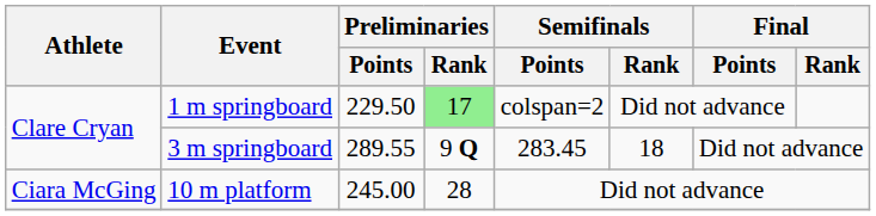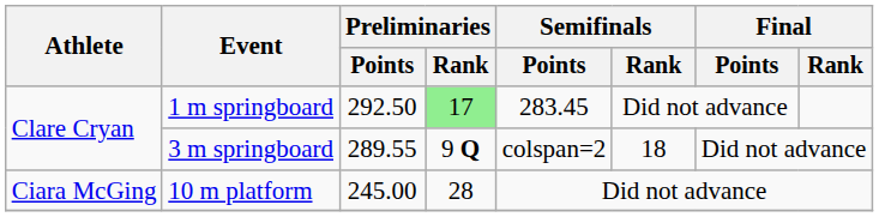 <table class="wikitable" style="text-align:center; font-size:90%;">
 <tr>
 <th rowspan=2>Athlete</th>
 <th rowspan=2>Event</th>
 <th colspan=2>Preliminaries</th>
 <th colspan=2>Semifinals</th>
 <th colspan=2>Final</th>
 </tr>
 <tr style="font-size:95%">
 <th>Points</th>
 <th>Rank</th>
 <th>Points</th>
 <th>Rank</th>
 <th>Points</th>
 <th>Rank</th>
 </tr>
 <tr>
 <td align=left rowspan=2><a href='#'>Clare Cryan</a></td>
 <td align=left><a href='#'>1 m springboard</a></td>
-<td>229.50</td>
+<td>292.50</td>
 <td style="background: lightgreen;">17</td>
-<td>colspan=2 </td>
+<td>283.45</td>
 <td colspan=2>Did not advance</td>
 </tr>
 <tr>
 <td align=left><a href='#'>3 m springboard</a></td>
 <td>289.55</td>
 <td>9 <strong>Q</strong></td>
-<td>283.45</td>
+<td>colspan=2 </td>
 <td>18</td>
 <td colspan=2>Did not advance</td>
 </tr>
 <tr>
 <td align=left><a href='#'>Ciara McGing</a></td>
 <td align=left><a href='#'>10 m platform</a></td>
 <td>245.00</td>
 <td>28</td>
 <td colspan=4>Did not advance</td>
 </tr>
 <tr>
 </tr>
 </table>
